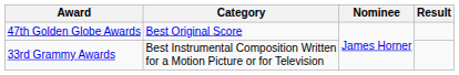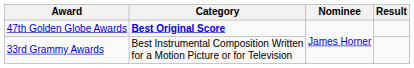 <table class="wikitable">
 <tr>
 <th>Award</th>
 <th>Category</th>
 <th>Nominee</th>
 <th>Result</th>
 </tr>
 <tr>
 <td><a href='#'>47th Golden Globe Awards</a></td>
-<td><a href='#'>Best Original Score</a></td>
+<td><strong><a href='#'>Best Original Score</a></strong></td>
 <td rowspan="2"><a href='#'>James Horner</a></td>
 <td></td>
 </tr>
 <tr>
 <td><a href='#'>33rd Grammy Awards</a></td>
 <td>Best Instrumental Composition Written<br>for a Motion Picture or for Television</td>
 <td></td>
 </tr>
 </table>
